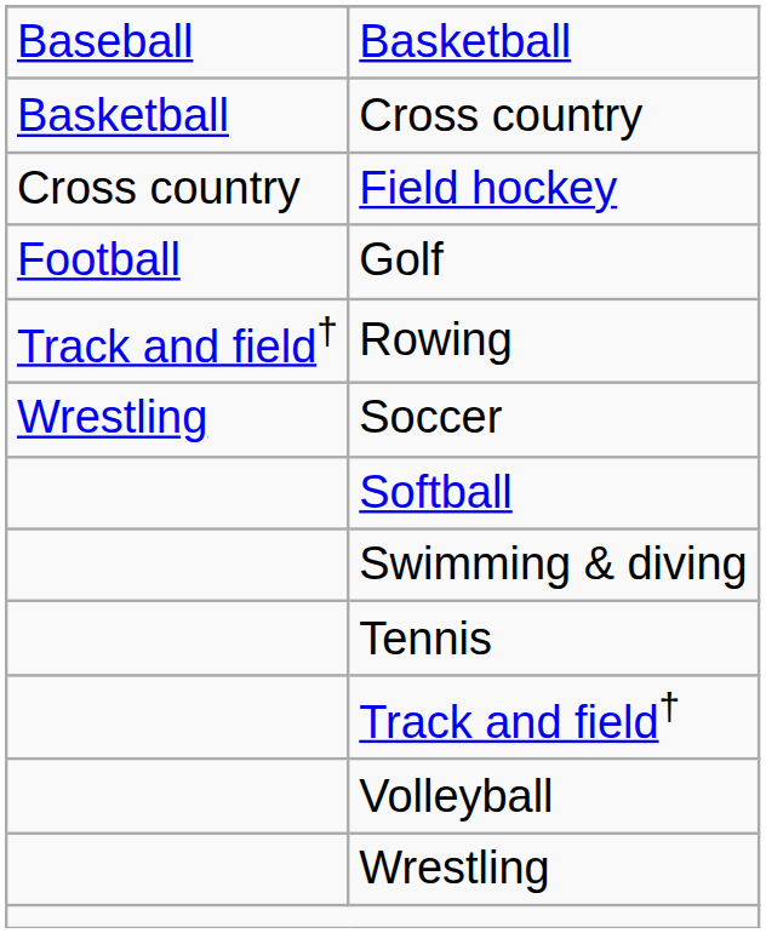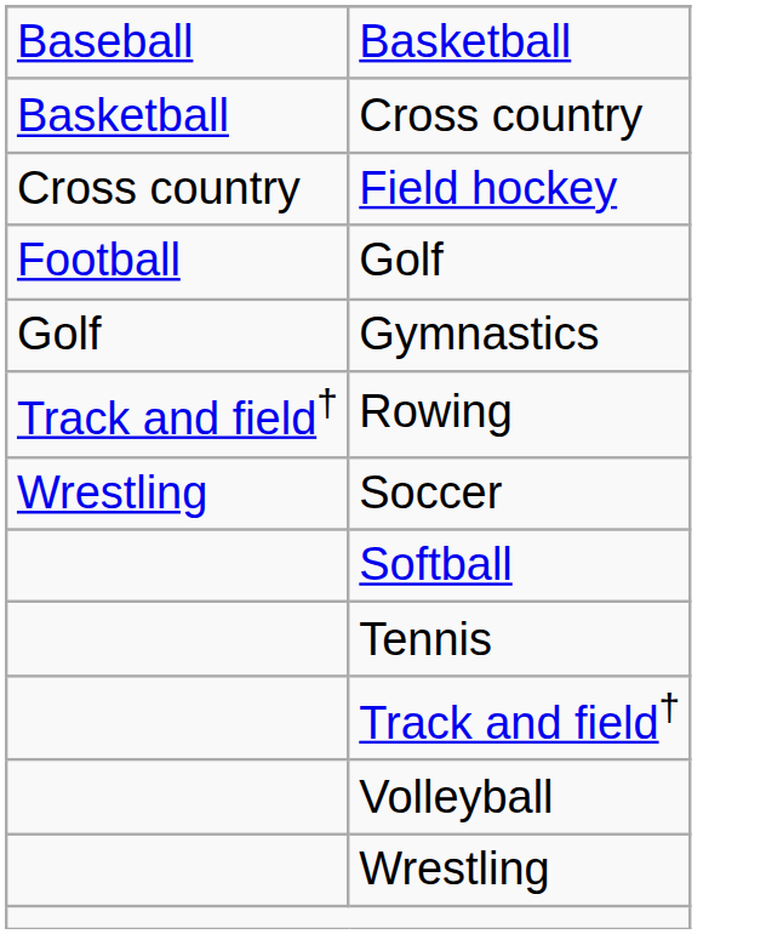 <table class="wikitable" style=" ">
 <tr>
 </tr>
 <tr>
 <td><a href='#'>Baseball</a></td>
 <td><a href='#'>Basketball</a></td>
 </tr>
 <tr>
 <td><a href='#'>Basketball</a></td>
 <td>Cross country</td>
 </tr>
 <tr>
 <td>Cross country</td>
 <td><a href='#'>Field hockey</a></td>
 </tr>
 <tr>
 <td><a href='#'>Football</a></td>
 <td>Golf</td>
 </tr>
 <tr>
+<td>Golf</td>
+<td>Gymnastics</td>
+</tr>
+<tr>
 <td><a href='#'>Track and field</a><sup>†</sup></td>
 <td>Rowing</td>
 </tr>
 <tr>
 <td><a href='#'>Wrestling</a></td>
 <td>Soccer</td>
 </tr>
 <tr>
 <td></td>
 <td><a href='#'>Softball</a></td>
-</tr>
-<tr>
-<td></td>
-<td>Swimming & diving</td>
 </tr>
 <tr>
 <td></td>
 <td>Tennis</td>
 </tr>
 <tr>
 <td></td>
 <td><a href='#'>Track and field</a><sup>†</sup></td>
 </tr>
 <tr>
 <td></td>
 <td>Volleyball</td>
 </tr>
 <tr>
 <td></td>
 <td>Wrestling</td>
 </tr>
 <tr>
 <td colspan="2"></td>
 </tr>
 </table>
